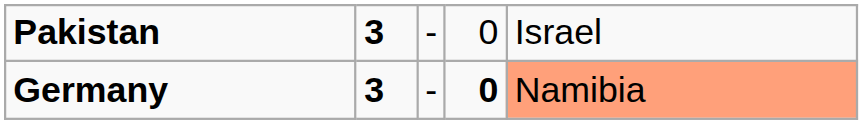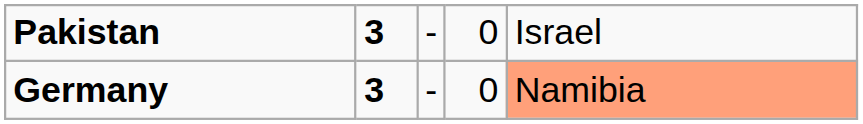 <table class="wikitable">
 <tr>
 <td width=150> <strong>Pakistan</strong></td>
 <td style="width:20px; text-align:left;"><strong>3</strong></td>
 <td>-</td>
 <td style="width:20px; text-align:right;">0</td>
 <td width=150> Israel</td>
 </tr>
 <tr>
 <td> <strong>Germany</strong></td>
 <td style="text-align:left;"><strong>3</strong></td>
 <td>-</td>
-<td style="text-align:right;"><strong>0</strong></td>
+<td style="text-align:right;">0</td>
 <td style="background: lightsalmon;"> Namibia</td>
 </tr>
 </table>
